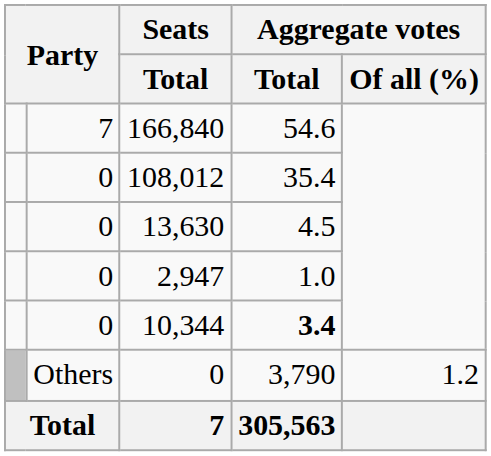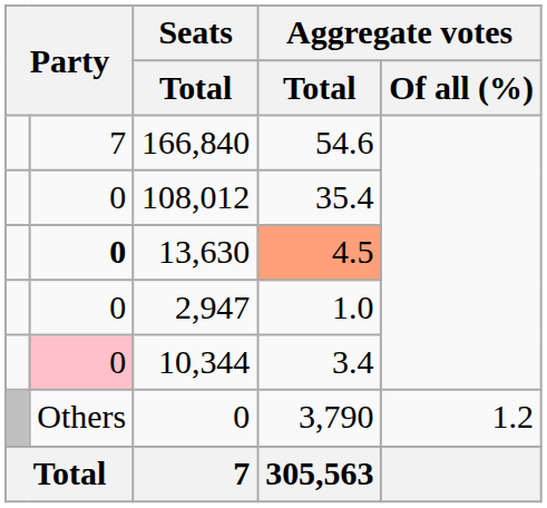 <table class="wikitable" style="text-align:right; font-size:95%;">
 <tr>
 <th colspan="2" rowspan="2">Party</th>
 <th>Seats</th>
 <th colspan="2">Aggregate votes</th>
 </tr>
 <tr>
 <th>Total</th>
 <th>Total</th>
 <th>Of all (%)</th>
 </tr>
 <tr>
 <td></td>
 <td>7</td>
 <td>166,840</td>
 <td>54.6</td>
 </tr>
 <tr>
 <td></td>
 <td>0</td>
 <td>108,012</td>
 <td>35.4</td>
 </tr>
 <tr>
 <td></td>
-<td>0</td>
+<td><strong>0</strong></td>
 <td>13,630</td>
-<td>4.5</td>
+<td style="background: lightsalmon;">4.5</td>
 </tr>
 <tr>
 <td></td>
 <td>0</td>
 <td>2,947</td>
 <td>1.0</td>
 </tr>
 <tr>
 <td></td>
-<td>0</td>
+<td style="background: pink;">0</td>
 <td>10,344</td>
-<td><strong>3.4</strong></td>
+<td>3.4</td>
 </tr>
 <tr>
 <td style="background:silver;"> </td>
 <td align=left>Others</td>
 <td>0</td>
 <td>3,790</td>
 <td>1.2</td>
 </tr>
 <tr>
 <th colspan="2" style="background:#f2f2f2"><strong>Total</strong></th>
 <td style="background:#f2f2f2;"><strong>7</strong></td>
 <td style="background:#f2f2f2;"><strong>305,563</strong></td>
 <td style="background:#f2f2f2;"></td>
 </tr>
 </table>
